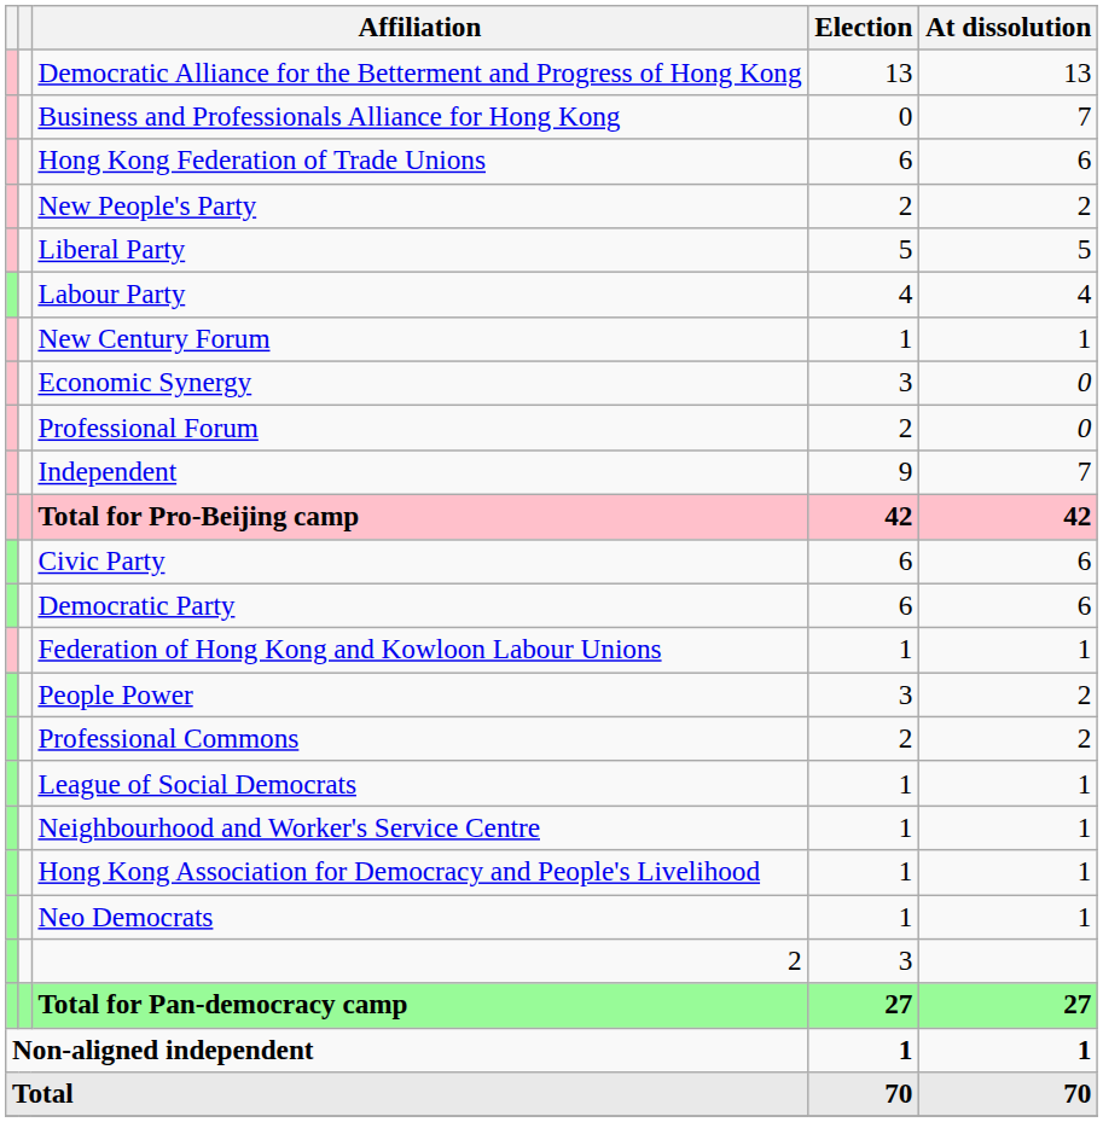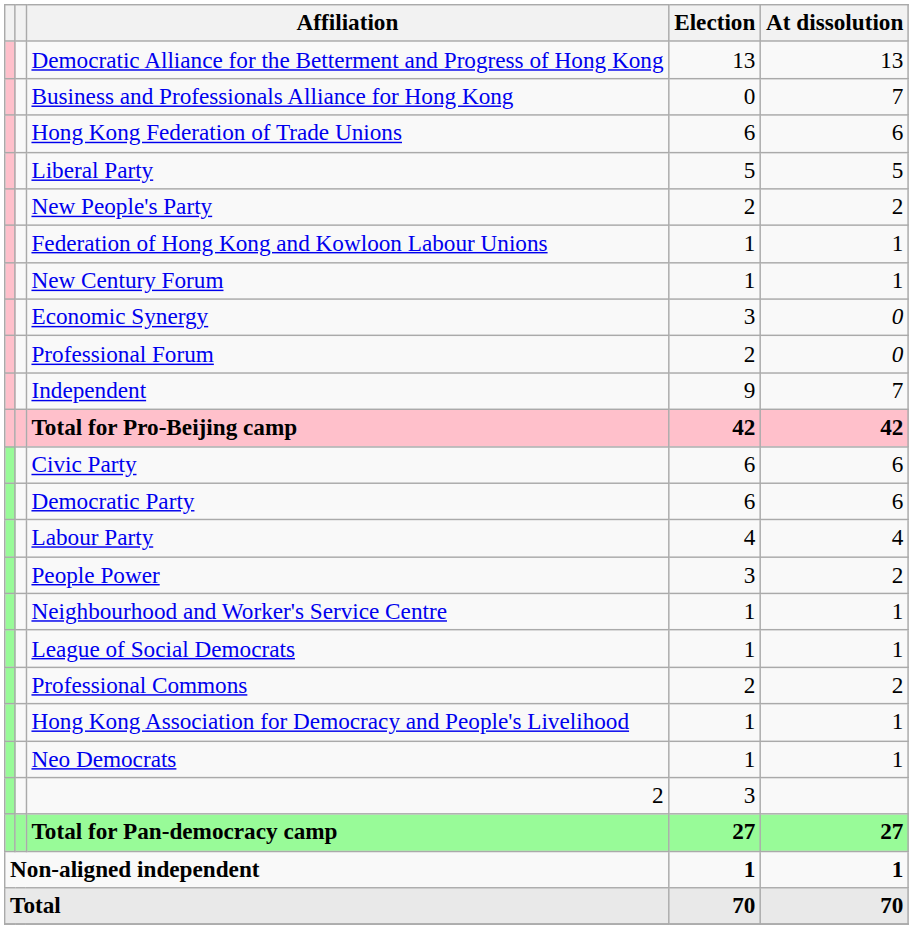 <table class="sortable wikitable">
 <tr>
 <th class="unsortable"></th>
 <th class="unsortable"></th>
 <th>Affiliation</th>
 <th>Election</th>
 <th>At dissolution</th>
 </tr>
 <tr>
 <td bgcolor=Pink></td>
 <td style="color:inherit;background:"></td>
 <td><a href='#'>Democratic Alliance for the Betterment and Progress of Hong Kong</a></td>
 <td align="right">13</td>
 <td align="right">13</td>
 </tr>
 <tr>
 <td bgcolor=Pink></td>
 <td style="color:inherit;background:"></td>
 <td><a href='#'>Business and Professionals Alliance for Hong Kong</a></td>
 <td align="right">0</td>
 <td align="right">7</td>
 </tr>
 <tr>
 <td bgcolor=Pink></td>
 <td style="color:inherit;background:"></td>
 <td><a href='#'>Hong Kong Federation of Trade Unions</a></td>
 <td align="right">6</td>
 <td align="right">6</td>
 </tr>
 <tr>
 <td bgcolor=Pink></td>
 <td style="color:inherit;background:"></td>
+<td><a href='#'>Liberal Party</a></td>
+<td align="right">5</td>
+<td align="right">5</td>
+</tr>
+<tr>
+<td bgcolor=Pink></td>
+<td style="color:inherit;background:"></td>
 <td><a href='#'>New People's Party</a></td>
 <td align="right">2</td>
 <td align="right">2</td>
 </tr>
 <tr>
 <td bgcolor=Pink></td>
 <td style="color:inherit;background:"></td>
-<td><a href='#'>Liberal Party</a></td>
-<td align="right">5</td>
-<td align="right">5</td>
-</tr>
-<tr>
-<td bgcolor=PaleGreen></td>
-<td style="color:inherit;background:"></td>
-<td><a href='#'>Labour Party</a></td>
-<td align="right">4</td>
-<td align="right">4</td>
+<td><a href='#'>Federation of Hong Kong and Kowloon Labour Unions</a></td>
+<td align="right">1</td>
+<td align="right">1</td>
 </tr>
 <tr>
 <td bgcolor=Pink></td>
 <td style="color:inherit;background:"></td>
 <td><a href='#'>New Century Forum</a></td>
 <td align="right">1</td>
 <td align="right">1</td>
 </tr>
 <tr>
 <td bgcolor=Pink></td>
 <td style="color:inherit;background:"></td>
 <td><a href='#'>Economic Synergy</a></td>
 <td align="right">3</td>
 <td align="right"><em>0</em></td>
 </tr>
 <tr>
 <td bgcolor=Pink></td>
 <td style="color:inherit;background:"></td>
 <td><a href='#'>Professional Forum</a></td>
 <td align="right">2</td>
 <td align="right"><em>0</em></td>
 </tr>
 <tr>
 <td bgcolor=Pink></td>
 <td style="color:inherit;background:"></td>
 <td><a href='#'>Independent</a></td>
 <td align="right">9</td>
 <td align="right">7</td>
 </tr>
 <tr>
 <td bgcolor=Pink></td>
 <td bgcolor=Pink></td>
 <td style="background-color:Pink"><strong>Total for Pro-Beijing camp</strong></td>
 <td align="right" style="background-color:Pink"><strong>42</strong></td>
 <td align="right" style="background-color:Pink"><strong>42</strong></td>
 </tr>
 <tr>
 <td bgcolor=PaleGreen></td>
 <td style="color:inherit;background:"></td>
 <td><a href='#'>Civic Party</a></td>
 <td align="right">6</td>
 <td align="right">6</td>
 </tr>
 <tr>
 <td bgcolor=PaleGreen></td>
 <td style="color:inherit;background:"></td>
 <td><a href='#'>Democratic Party</a></td>
 <td align="right">6</td>
 <td align="right">6</td>
 </tr>
 <tr>
-<td bgcolor=Pink></td>
+<td bgcolor=PaleGreen></td>
 <td style="color:inherit;background:"></td>
-<td><a href='#'>Federation of Hong Kong and Kowloon Labour Unions</a></td>
-<td align="right">1</td>
-<td align="right">1</td>
+<td><a href='#'>Labour Party</a></td>
+<td align="right">4</td>
+<td align="right">4</td>
 </tr>
 <tr>
 <td bgcolor=PaleGreen></td>
 <td style="color:inherit;background:"></td>
 <td><a href='#'>People Power</a></td>
 <td align="right">3</td>
 <td align="right">2</td>
 </tr>
 <tr>
 <td bgcolor=PaleGreen></td>
 <td style="color:inherit;background:"></td>
-<td><a href='#'>Professional Commons</a></td>
-<td align="right">2</td>
-<td align="right">2</td>
+<td><a href='#'>Neighbourhood and Worker's Service Centre</a></td>
+<td align="right">1</td>
+<td align="right">1</td>
 </tr>
 <tr>
 <td bgcolor=PaleGreen></td>
 <td style="color:inherit;background:"></td>
 <td><a href='#'>League of Social Democrats</a></td>
 <td align="right">1</td>
 <td align="right">1</td>
 </tr>
 <tr>
 <td bgcolor=PaleGreen></td>
 <td style="color:inherit;background:"></td>
-<td><a href='#'>Neighbourhood and Worker's Service Centre</a></td>
-<td align="right">1</td>
-<td align="right">1</td>
+<td><a href='#'>Professional Commons</a></td>
+<td align="right">2</td>
+<td align="right">2</td>
 </tr>
 <tr>
 <td bgcolor=PaleGreen></td>
 <td style="color:inherit;background:"></td>
 <td><a href='#'>Hong Kong Association for Democracy and People's Livelihood</a></td>
 <td align="right">1</td>
 <td align="right">1</td>
 </tr>
 <tr>
 <td bgcolor=PaleGreen></td>
 <td style="color:inherit;background:"></td>
 <td><a href='#'>Neo Democrats</a></td>
 <td align="right">1</td>
 <td align="right">1</td>
 </tr>
 <tr>
 <td bgcolor=PaleGreen></td>
 <td></td>
 <td align="right">2</td>
 <td align="right">3</td>
 </tr>
 <tr>
 <td bgcolor=PaleGreen></td>
 <td bgcolor=PaleGreen></td>
 <td style="background-color:PaleGreen"><strong>Total for Pan-democracy camp</strong></td>
 <td align="right" style="background-color:PaleGreen"><strong>27</strong></td>
 <td align="right" style="background-color:PaleGreen"><strong>27</strong></td>
 </tr>
 <tr bgcolor=>
 <td colspan="3"><strong>Non-aligned independent</strong></td>
 <td align="right"><strong>1</strong></td>
 <td align="right"><strong>1</strong></td>
 </tr>
 <tr class="sortbottom">
 <td colspan="3" style="background-color:#E9E9E9"><strong>Total</strong></td>
 <td align="right" style="background-color:#E9E9E9"><strong>70</strong></td>
 <td align="right" style="background-color:#E9E9E9"><strong>70</strong></td>
 </tr>
 <tr>
 </tr>
 </table>
